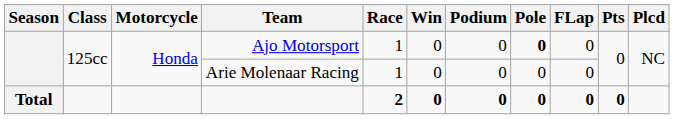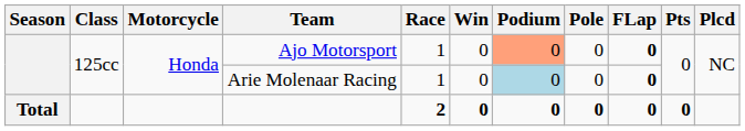 <table class="wikitable">
 <tr>
 <th>Season</th>
 <th>Class</th>
 <th>Motorcycle</th>
 <th>Team</th>
 <th>Race</th>
 <th>Win</th>
 <th>Podium</th>
 <th>Pole</th>
 <th>FLap</th>
 <th>Pts</th>
 <th>Plcd</th>
 </tr>
 <tr align="right">
 <th rowspan=2></th>
 <td rowspan=2>125cc</td>
 <td rowspan=2><a href='#'>Honda</a></td>
 <td><a href='#'>Ajo Motorsport</a></td>
 <td>1</td>
 <td>0</td>
+<td style="background: lightsalmon;">0</td>
 <td>0</td>
 <td><strong>0</strong></td>
-<td>0</td>
 <td rowspan=2>0</td>
 <td rowspan=2>NC</td>
 </tr>
 <tr align="right">
 <td>Arie Molenaar Racing</td>
 <td>1</td>
 <td>0</td>
+<td style="background: lightblue;">0</td>
 <td>0</td>
-<td>0</td>
-<td>0</td>
+<td><strong>0</strong></td>
 </tr>
 <tr align="right">
 <th>Total</th>
 <td></td>
 <td></td>
 <td></td>
 <td><strong>2</strong></td>
 <td><strong>0</strong></td>
 <td><strong>0</strong></td>
 <td><strong>0</strong></td>
 <td><strong>0</strong></td>
 <td><strong>0</strong></td>
 <td></td>
 </tr>
 </table>
